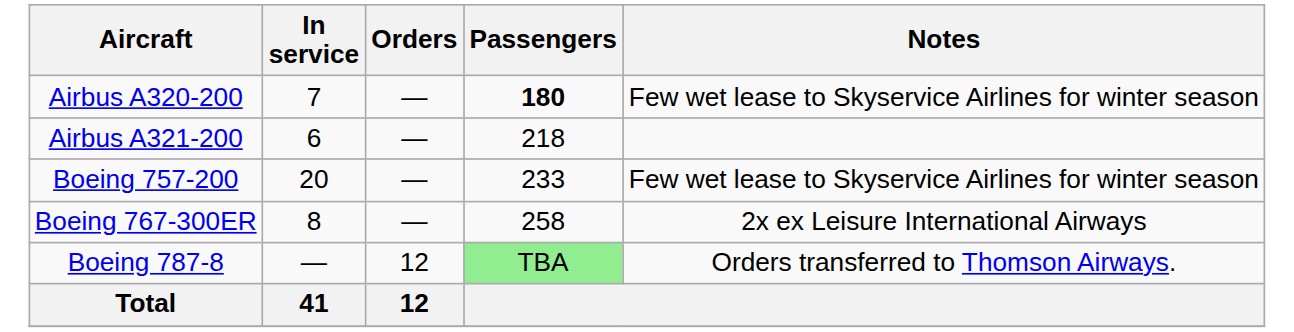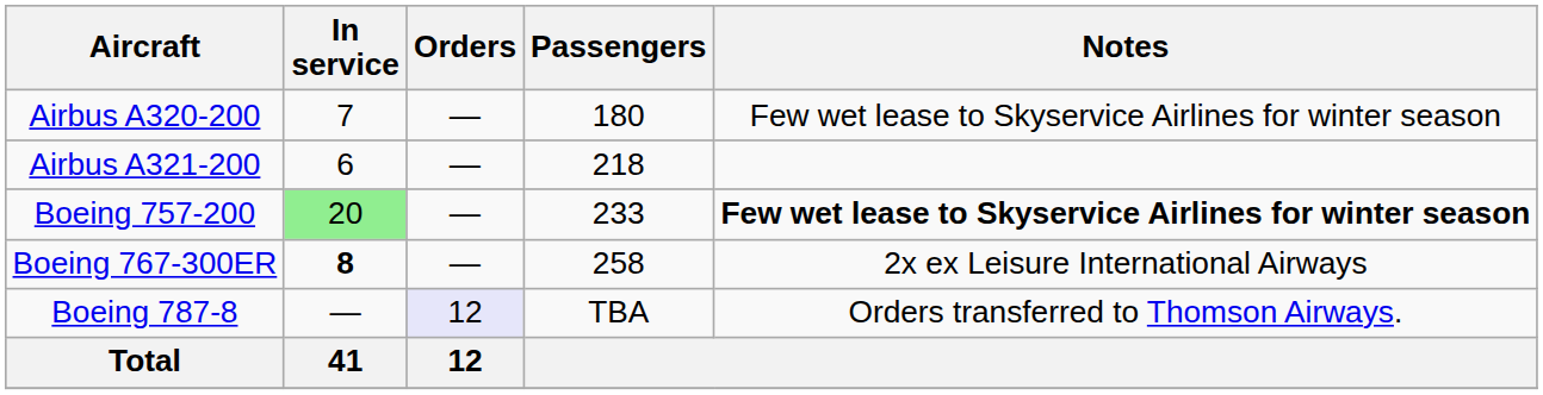 <table class="wikitable" style="margin:0.5em auto; text-align:center">
 <tr>
 <th>Aircraft</th>
 <th>In <br> service</th>
 <th>Orders</th>
 <th>Passengers</th>
 <th>Notes</th>
 </tr>
 <tr>
 <td><a href='#'>Airbus A320-200</a></td>
 <td>7</td>
 <td>—</td>
-<td><strong>180</strong></td>
+<td>180</td>
 <td>Few wet lease to Skyservice Airlines for winter season</td>
 </tr>
 <tr>
 <td><a href='#'>Airbus A321-200</a></td>
 <td>6</td>
 <td>—</td>
 <td>218</td>
 <td></td>
 </tr>
 <tr>
 <td><a href='#'>Boeing 757-200</a></td>
-<td>20</td>
+<td style="background: lightgreen;">20</td>
 <td>—</td>
 <td>233</td>
-<td>Few wet lease to Skyservice Airlines for winter season</td>
+<td><strong>Few wet lease to Skyservice Airlines for winter season</strong></td>
 </tr>
 <tr>
 <td><a href='#'>Boeing 767-300ER</a></td>
-<td>8</td>
+<td><strong>8</strong></td>
 <td>—</td>
 <td>258</td>
 <td>2x ex Leisure International Airways</td>
 </tr>
 <tr>
 <td><a href='#'>Boeing 787-8</a></td>
 <td>—</td>
-<td>12</td>
-<td style="background: lightgreen;"><abbr>TBA</abbr></td>
+<td style="background: lavender;">12</td>
+<td><abbr>TBA</abbr></td>
 <td>Orders transferred to <a href='#'>Thomson Airways</a>.</td>
 </tr>
 <tr>
 <th>Total</th>
 <th>41</th>
 <th>12</th>
 <th colspan=2></th>
 </tr>
 <tr>
 </tr>
 </table>
